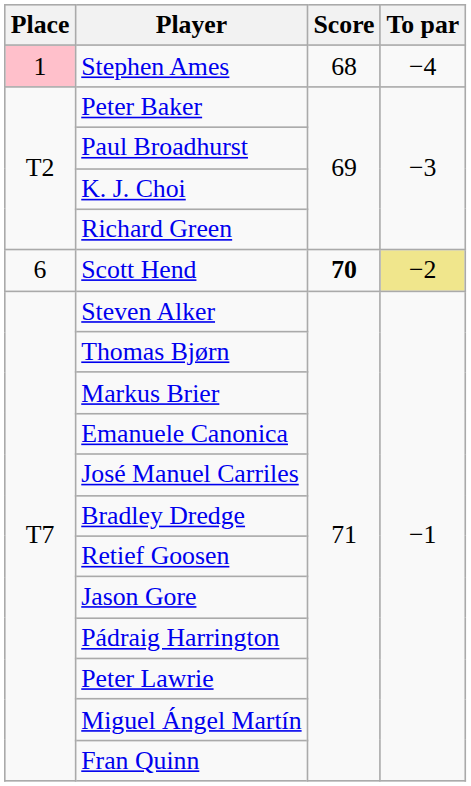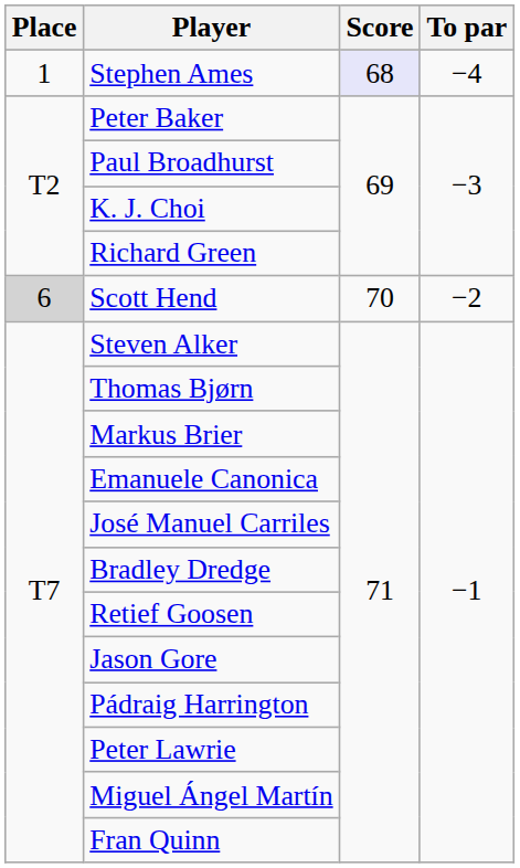 <table class="wikitable">
 <tr>
 <th>Place</th>
 <th>Player</th>
 <th>Score</th>
 <th>To par</th>
 </tr>
 <tr>
-<td align=center style="background: pink;">1</td>
+<td align=center>1</td>
 <td> <a href='#'>Stephen Ames</a></td>
-<td align=center>68</td>
+<td align=center style="background: lavender;">68</td>
 <td align=center>−4</td>
 </tr>
 <tr>
 <td rowspan=4 align=center>T2</td>
 <td> <a href='#'>Peter Baker</a></td>
 <td align=center rowspan=4>69</td>
 <td rowspan=4 align=center>−3</td>
 </tr>
 <tr>
 <td> <a href='#'>Paul Broadhurst</a></td>
 </tr>
 <tr>
 <td> <a href='#'>K. J. Choi</a></td>
 </tr>
 <tr>
 <td> <a href='#'>Richard Green</a></td>
 </tr>
 <tr>
-<td align=center>6</td>
+<td align=center style="background: lightgrey;">6</td>
 <td> <a href='#'>Scott Hend</a></td>
-<td align=center><strong>70</strong></td>
-<td align=center style="background: khaki;">−2</td>
+<td align=center>70</td>
+<td align=center>−2</td>
 </tr>
 <tr>
 <td rowspan=12 align=center>T7</td>
 <td> <a href='#'>Steven Alker</a></td>
 <td align=center rowspan=12>71</td>
 <td rowspan=12 align=center>−1</td>
 </tr>
 <tr>
 <td> <a href='#'>Thomas Bjørn</a></td>
 </tr>
 <tr>
 <td> <a href='#'>Markus Brier</a></td>
 </tr>
 <tr>
 <td> <a href='#'>Emanuele Canonica</a></td>
 </tr>
 <tr>
 <td> <a href='#'>José Manuel Carriles</a></td>
 </tr>
 <tr>
 <td> <a href='#'>Bradley Dredge</a></td>
 </tr>
 <tr>
 <td> <a href='#'>Retief Goosen</a></td>
 </tr>
 <tr>
 <td> <a href='#'>Jason Gore</a></td>
 </tr>
 <tr>
 <td> <a href='#'>Pádraig Harrington</a></td>
 </tr>
 <tr>
 <td> <a href='#'>Peter Lawrie</a></td>
 </tr>
 <tr>
 <td> <a href='#'>Miguel Ángel Martín</a></td>
 </tr>
 <tr>
 <td> <a href='#'>Fran Quinn</a></td>
 </tr>
 </table>
